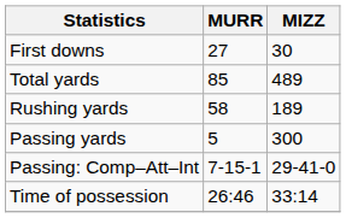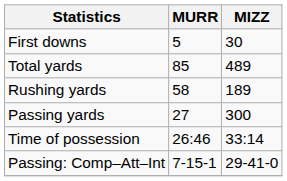 <table class="wikitable" style="float: left;">
 <tr>
 <th>Statistics</th>
 <th>MURR</th>
 <th>MIZZ</th>
 </tr>
 <tr>
 <td>First downs</td>
-<td>27</td>
+<td>5</td>
 <td>30</td>
 </tr>
 <tr>
 <td>Total yards</td>
 <td>85</td>
 <td>489</td>
 </tr>
 <tr>
 <td>Rushing yards</td>
 <td>58</td>
 <td>189</td>
 </tr>
 <tr>
 <td>Passing yards</td>
-<td>5</td>
+<td>27</td>
 <td>300</td>
+</tr>
+<tr>
+<td>Time of possession</td>
+<td>26:46</td>
+<td>33:14</td>
 </tr>
 <tr>
 <td>Passing: Comp–Att–Int</td>
 <td>7-15-1</td>
 <td>29-41-0</td>
 </tr>
 <tr>
-<td>Time of possession</td>
-<td>26:46</td>
-<td>33:14</td>
-</tr>
-<tr>
 </tr>
 </table>
